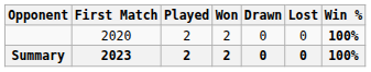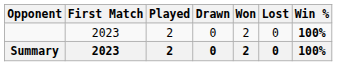 <table class="wikitable sortable" style="text-align:center;">
 <tr>
 <th>Opponent</th>
 <th>First Match</th>
 <th>Played</th>
+<th>Drawn</th>
 <th>Won</th>
-<th>Drawn</th>
 <th>Lost</th>
 <th>Win %</th>
 </tr>
 <tr>
 <td style="text-align: left;"></td>
-<td>2020</td>
-<td>2</td>
+<td>2023</td>
 <td>2</td>
 <td>0</td>
+<td>2</td>
 <td>0</td>
 <td><strong>100%</strong></td>
 </tr>
 <tr>
 <th>Summary</th>
 <th>2023</th>
 <th>2</th>
+<th>0</th>
 <th>2</th>
-<th>0</th>
 <th>0</th>
 <th>100%</th>
 </tr>
 </table>
